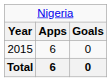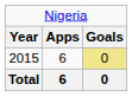 <table class="wikitable" style="text-align:center">
 <tr>
 <td colspan=3><a href='#'>Nigeria</a></td>
 </tr>
 <tr>
 <th>Year</th>
 <th>Apps</th>
 <th>Goals</th>
 </tr>
 <tr>
 <td>2015</td>
 <td>6</td>
-<td>0</td>
+<td style="background: khaki;">0</td>
 </tr>
 <tr>
 <th>Total</th>
 <th>6</th>
 <th>0</th>
 </tr>
 </table>
